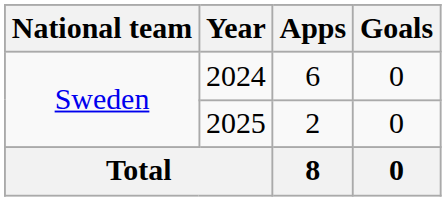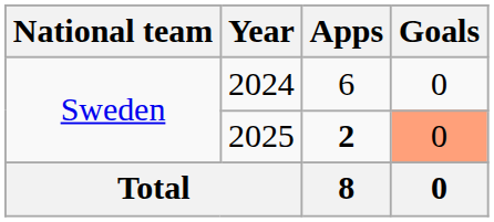 <table class="wikitable" style="text-align:center">
 <tr>
 <th>National team</th>
 <th>Year</th>
 <th>Apps</th>
 <th>Goals</th>
 </tr>
 <tr>
 <td rowspan="2"><a href='#'>Sweden</a></td>
 <td>2024</td>
 <td>6</td>
 <td>0</td>
 </tr>
 <tr>
 <td>2025</td>
-<td>2</td>
-<td>0</td>
+<td><strong>2</strong></td>
+<td style="background: lightsalmon;">0</td>
 </tr>
 <tr>
 <th colspan="2">Total</th>
 <th>8</th>
 <th>0</th>
 </tr>
 </table>
